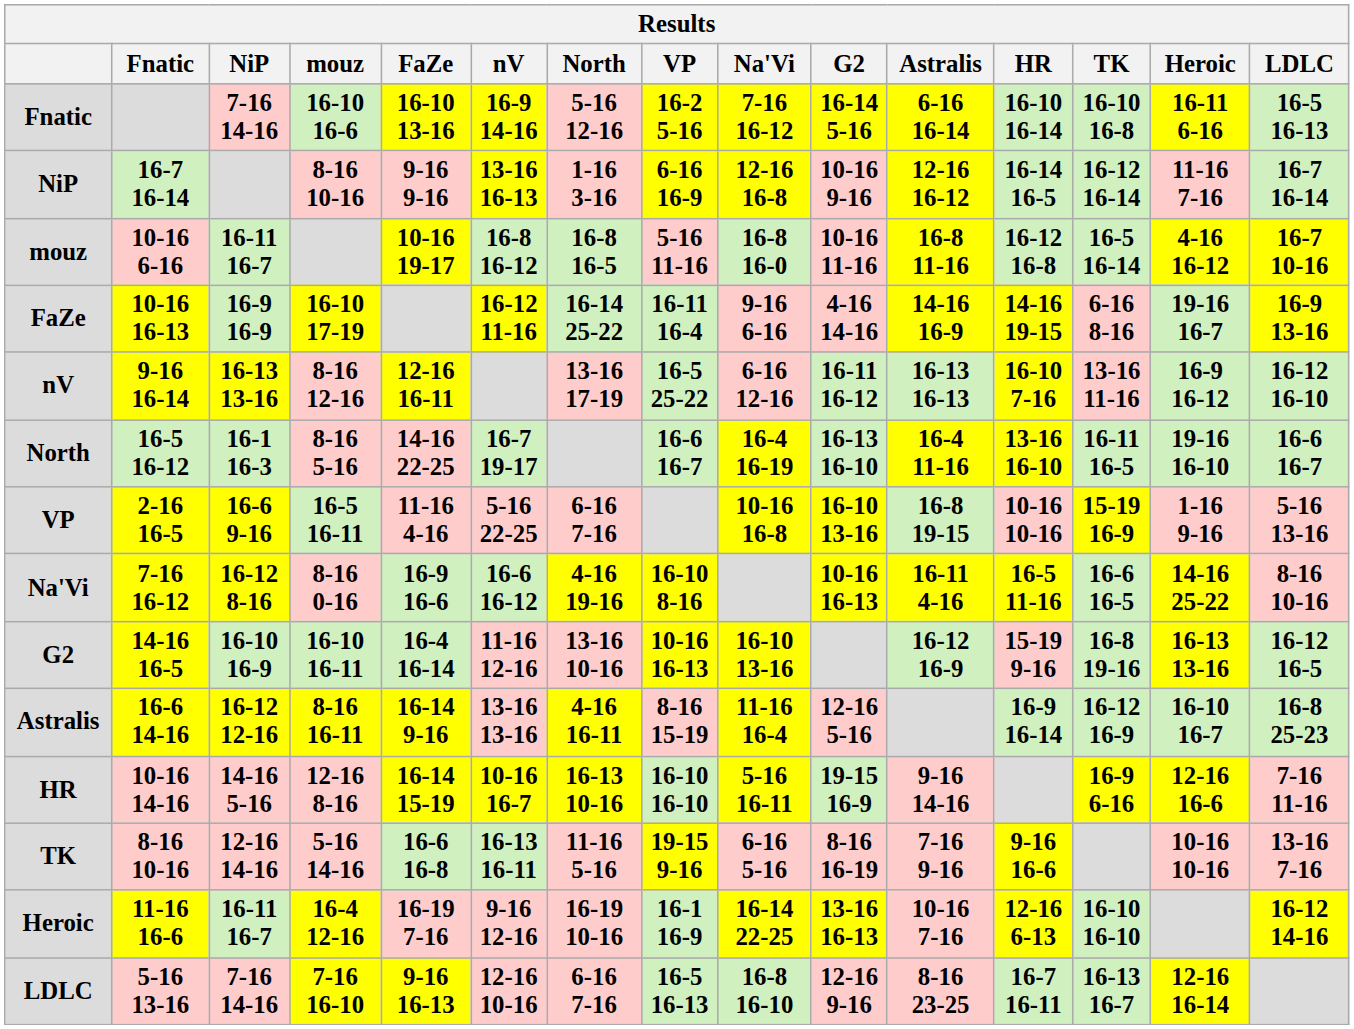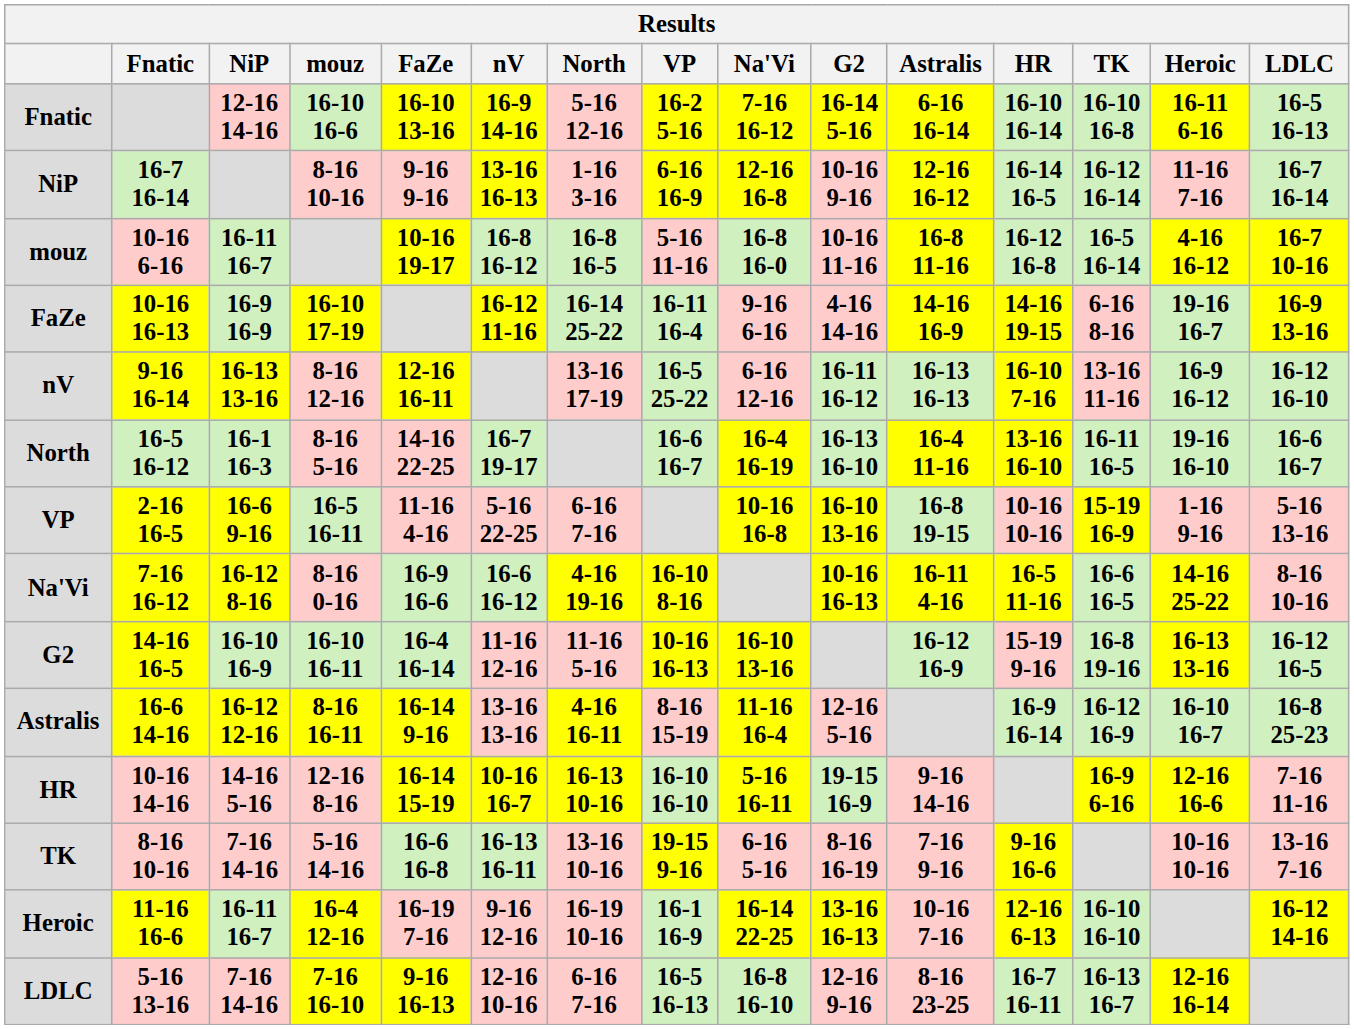 <table class="wikitable" style="text-align: center;">
 <tr>
 <th colspan=15>Results</th>
 </tr>
 <tr>
 <th width="75px"></th>
 <th width="75px">Fnatic</th>
 <th width="75px">NiP</th>
 <th width="75px">mouz</th>
 <th width="75px">FaZe</th>
 <th width="75px">nV</th>
 <th width="75px">North</th>
 <th width="75px">VP</th>
 <th width="75px">Na'Vi</th>
 <th width="75px">G2</th>
 <th width="75px">Astralis</th>
 <th width="75px">HR</th>
 <th width="75px">TK</th>
 <th width="75px">Heroic</th>
 <th width="75px">LDLC</th>
 </tr>
 <tr>
 <td style="background: #DCDCDC;"><strong>Fnatic</strong></td>
 <td style="background: #DCDCDC;"></td>
-<td style="background: #FFCCCC;"><strong>7-16<br>14-16</strong></td>
+<td style="background: #FFCCCC;"><strong>12-16<br>14-16</strong></td>
 <td style="background: #D0F0C0;"><strong>16-10<br>16-6</strong></td>
 <td style="background: #FFFF00;"><strong>16-10<br>13-16</strong></td>
 <td style="background: #FFFF00;"><strong>16-9<br>14-16</strong></td>
 <td style="background: #FFCCCC;"><strong>5-16<br>12-16</strong></td>
 <td style="background: #FFFF00;"><strong>16-2<br>5-16</strong></td>
 <td style="background: #FFFF00;"><strong>7-16<br>16-12</strong></td>
 <td style="background: #FFFF00;"><strong>16-14<br>5-16</strong></td>
 <td style="background: #FFFF00;"><strong>6-16<br>16-14</strong></td>
 <td style="background: #D0F0C0;"><strong>16-10<br>16-14</strong></td>
 <td style="background: #D0F0C0;"><strong>16-10<br>16-8</strong></td>
 <td style="background: #FFFF00;"><strong>16-11<br>6-16</strong></td>
 <td style="background: #D0F0C0;"><strong>16-5<br>16-13</strong></td>
 </tr>
 <tr>
 <td style="background: #DCDCDC;"><strong>NiP</strong></td>
 <td style="background: #D0F0C0;"><strong>16-7<br>16-14</strong></td>
 <td style="background: #DCDCDC;"></td>
 <td style="background: #FFCCCC;"><strong>8-16<br>10-16</strong></td>
 <td style="background: #FFCCCC;"><strong>9-16<br>9-16</strong></td>
 <td style="background: #FFFF00;"><strong>13-16<br>16-13</strong></td>
 <td style="background: #FFCCCC;"><strong>1-16<br>3-16</strong></td>
 <td style="background: #FFFF00;"><strong>6-16<br>16-9</strong></td>
 <td style="background: #FFFF00;"><strong>12-16<br>16-8</strong></td>
 <td style="background: #FFCCCC;"><strong>10-16<br>9-16</strong></td>
 <td style="background: #FFFF00;"><strong>12-16<br>16-12</strong></td>
 <td style="background: #D0F0C0;"><strong>16-14<br>16-5</strong></td>
 <td style="background: #D0F0C0;"><strong>16-12<br>16-14</strong></td>
 <td style="background: #FFCCCC;"><strong>11-16<br>7-16</strong></td>
 <td style="background: #D0F0C0;"><strong>16-7<br>16-14</strong></td>
 </tr>
 <tr>
 <td style="background: #DCDCDC;"><strong>mouz</strong></td>
 <td style="background: #FFCCCC;"><strong>10-16<br>6-16</strong></td>
 <td style="background: #D0F0C0;"><strong>16-11<br>16-7</strong></td>
 <td style="background: #DCDCDC;"></td>
 <td style="background: #FFFF00;"><strong>10-16<br>19-17</strong></td>
 <td style="background: #D0F0C0;"><strong>16-8<br>16-12</strong></td>
 <td style="background: #D0F0C0;"><strong>16-8<br>16-5</strong></td>
 <td style="background: #FFCCCC;"><strong>5-16<br>11-16</strong></td>
 <td style="background: #D0F0C0;"><strong>16-8<br>16-0</strong></td>
 <td style="background: #FFCCCC;"><strong>10-16<br>11-16</strong></td>
 <td style="background: #FFFF00;"><strong>16-8<br>11-16</strong></td>
 <td style="background: #D0F0C0;"><strong>16-12<br>16-8</strong></td>
 <td style="background: #D0F0C0;"><strong>16-5<br>16-14</strong></td>
 <td style="background: #FFFF00;"><strong>4-16<br>16-12</strong></td>
 <td style="background: #FFFF00;"><strong>16-7<br>10-16</strong></td>
 </tr>
 <tr>
 <td style="background: #DCDCDC;"><strong>FaZe</strong></td>
 <td style="background: #FFFF00;"><strong>10-16<br>16-13</strong></td>
 <td style="background: #D0F0C0;"><strong>16-9<br>16-9</strong></td>
 <td style="background: #FFFF00;"><strong>16-10<br>17-19</strong></td>
 <td style="background: #DCDCDC;"></td>
 <td style="background: #FFFF00;"><strong>16-12<br>11-16</strong></td>
 <td style="background: #D0F0C0;"><strong>16-14<br>25-22</strong></td>
 <td style="background: #D0F0C0;"><strong>16-11<br>16-4</strong></td>
 <td style="background: #FFCCCC;"><strong>9-16<br>6-16</strong></td>
 <td style="background: #FFCCCC;"><strong>4-16<br>14-16</strong></td>
 <td style="background: #FFFF00;"><strong>14-16<br>16-9</strong></td>
 <td style="background: #FFFF00;"><strong>14-16<br>19-15</strong></td>
 <td style="background: #FFCCCC;"><strong>6-16<br>8-16</strong></td>
 <td style="background: #D0F0C0;"><strong>19-16<br>16-7</strong></td>
 <td style="background: #FFFF00;"><strong>16-9<br>13-16</strong></td>
 </tr>
 <tr>
 <td style="background: #DCDCDC;"><strong>nV</strong></td>
 <td style="background: #FFFF00;"><strong>9-16<br>16-14</strong></td>
 <td style="background: #FFFF00;"><strong>16-13<br>13-16</strong></td>
 <td style="background: #FFCCCC;"><strong>8-16<br>12-16</strong></td>
 <td style="background: #FFFF00;"><strong>12-16<br>16-11</strong></td>
 <td style="background: #DCDCDC;"></td>
 <td style="background: #FFCCCC;"><strong>13-16<br>17-19</strong></td>
 <td style="background: #D0F0C0;"><strong>16-5<br>25-22</strong></td>
 <td style="background: #FFCCCC;"><strong>6-16<br>12-16</strong></td>
 <td style="background: #D0F0C0;"><strong>16-11<br>16-12</strong></td>
 <td style="background: #D0F0C0;"><strong>16-13<br>16-13</strong></td>
 <td style="background: #FFFF00;"><strong>16-10<br>7-16</strong></td>
 <td style="background: #FFCCCC;"><strong>13-16<br>11-16</strong></td>
 <td style="background: #D0F0C0;"><strong>16-9<br>16-12</strong></td>
 <td style="background: #D0F0C0;"><strong>16-12<br>16-10</strong></td>
 </tr>
 <tr>
 <td style="background: #DCDCDC;"><strong>North</strong></td>
 <td style="background: #D0F0C0;"><strong>16-5<br>16-12</strong></td>
 <td style="background: #D0F0C0;"><strong>16-1<br>16-3</strong></td>
 <td style="background: #FFCCCC;"><strong>8-16<br>5-16</strong></td>
 <td style="background: #FFCCCC;"><strong>14-16<br>22-25</strong></td>
 <td style="background: #D0F0C0;"><strong>16-7<br>19-17</strong></td>
 <td style="background: #DCDCDC;"></td>
 <td style="background: #D0F0C0;"><strong>16-6<br>16-7</strong></td>
 <td style="background: #FFFF00;"><strong>16-4<br>16-19</strong></td>
 <td style="background: #D0F0C0;"><strong>16-13<br>16-10</strong></td>
 <td style="background: #FFFF00;"><strong>16-4<br>11-16</strong></td>
 <td style="background: #FFFF00;"><strong>13-16<br>16-10</strong></td>
 <td style="background: #D0F0C0;"><strong>16-11<br>16-5</strong></td>
 <td style="background: #D0F0C0;"><strong>19-16<br>16-10</strong></td>
 <td style="background: #D0F0C0;"><strong>16-6<br>16-7</strong></td>
 </tr>
 <tr>
 <td style="background: #DCDCDC;"><strong>VP</strong></td>
 <td style="background: #FFFF00;"><strong>2-16<br>16-5</strong></td>
 <td style="background: #FFFF00;"><strong>16-6<br>9-16</strong></td>
 <td style="background: #D0F0C0;"><strong>16-5<br>16-11</strong></td>
 <td style="background: #FFCCCC;"><strong>11-16<br>4-16</strong></td>
 <td style="background: #FFCCCC;"><strong>5-16<br>22-25</strong></td>
 <td style="background: #FFCCCC;"><strong>6-16<br>7-16</strong></td>
 <td style="background: #DCDCDC;"></td>
 <td style="background: #FFFF00;"><strong>10-16<br>16-8</strong></td>
 <td style="background: #FFFF00;"><strong>16-10<br>13-16</strong></td>
 <td style="background: #D0F0C0;"><strong>16-8<br>19-15</strong></td>
 <td style="background: #FFCCCC;"><strong>10-16<br>10-16</strong></td>
 <td style="background: #FFFF00;"><strong>15-19<br>16-9</strong></td>
 <td style="background: #FFCCCC;"><strong>1-16<br>9-16</strong></td>
 <td style="background: #FFCCCC;"><strong>5-16<br>13-16</strong></td>
 </tr>
 <tr>
 <td style="background: #DCDCDC;"><strong>Na'Vi</strong></td>
 <td style="background: #FFFF00;"><strong>7-16<br>16-12</strong></td>
 <td style="background: #FFFF00;"><strong>16-12<br>8-16</strong></td>
 <td style="background: #FFCCCC;"><strong>8-16<br>0-16</strong></td>
 <td style="background: #D0F0C0;"><strong>16-9<br>16-6</strong></td>
 <td style="background: #D0F0C0;"><strong>16-6<br>16-12</strong></td>
 <td style="background: #FFFF00;"><strong>4-16<br>19-16</strong></td>
 <td style="background: #FFFF00;"><strong>16-10<br>8-16</strong></td>
 <td style="background: #DCDCDC;"></td>
 <td style="background: #FFFF00;"><strong>10-16<br>16-13</strong></td>
 <td style="background: #FFFF00;"><strong>16-11<br>4-16</strong></td>
 <td style="background: #FFFF00;"><strong>16-5<br>11-16</strong></td>
 <td style="background: #D0F0C0;"><strong>16-6<br>16-5</strong></td>
 <td style="background: #FFFF00;"><strong>14-16<br>25-22</strong></td>
 <td style="background: #FFCCCC;"><strong>8-16<br>10-16</strong></td>
 </tr>
 <tr>
 <td style="background: #DCDCDC;"><strong>G2</strong></td>
 <td style="background: #FFFF00;"><strong>14-16<br>16-5</strong></td>
 <td style="background: #D0F0C0;"><strong>16-10<br>16-9</strong></td>
 <td style="background: #D0F0C0;"><strong>16-10<br>16-11</strong></td>
 <td style="background: #D0F0C0;"><strong>16-4<br>16-14</strong></td>
 <td style="background: #FFCCCC;"><strong>11-16<br>12-16</strong></td>
-<td style="background: #FFCCCC;"><strong>13-16<br>10-16</strong></td>
+<td style="background: #FFCCCC;"><strong>11-16<br>5-16</strong></td>
 <td style="background: #FFFF00;"><strong>10-16<br>16-13</strong></td>
 <td style="background: #FFFF00;"><strong>16-10<br>13-16</strong></td>
 <td style="background: #DCDCDC;"></td>
 <td style="background: #D0F0C0;"><strong>16-12<br>16-9</strong></td>
 <td style="background: #FFCCCC;"><strong>15-19<br>9-16</strong></td>
 <td style="background: #D0F0C0;"><strong>16-8<br>19-16</strong></td>
 <td style="background: #FFFF00;"><strong>16-13<br>13-16</strong></td>
 <td style="background: #D0F0C0;"><strong>16-12<br>16-5</strong></td>
 </tr>
 <tr>
 <td style="background: #DCDCDC;"><strong>Astralis</strong></td>
 <td style="background: #FFFF00;"><strong>16-6<br>14-16</strong></td>
 <td style="background: #FFFF00;"><strong>16-12<br>12-16</strong></td>
 <td style="background: #FFFF00;"><strong>8-16<br>16-11</strong></td>
 <td style="background: #FFFF00;"><strong>16-14<br>9-16</strong></td>
 <td style="background: #FFCCCC;"><strong>13-16<br>13-16</strong></td>
 <td style="background: #FFFF00;"><strong>4-16<br>16-11</strong></td>
 <td style="background: #FFCCCC;"><strong>8-16<br>15-19</strong></td>
 <td style="background: #FFFF00;"><strong>11-16<br>16-4</strong></td>
 <td style="background: #FFCCCC;"><strong>12-16<br>5-16</strong></td>
 <td style="background: #DCDCDC;"></td>
 <td style="background: #D0F0C0;"><strong>16-9<br>16-14</strong></td>
 <td style="background: #D0F0C0;"><strong>16-12<br>16-9</strong></td>
 <td style="background: #D0F0C0;"><strong>16-10<br>16-7</strong></td>
 <td style="background: #D0F0C0;"><strong>16-8<br>25-23</strong></td>
 </tr>
 <tr>
 <td style="background: #DCDCDC;"><strong>HR</strong></td>
 <td style="background: #FFCCCC;"><strong>10-16<br>14-16</strong></td>
 <td style="background: #FFCCCC;"><strong>14-16<br>5-16</strong></td>
 <td style="background: #FFCCCC;"><strong>12-16<br>8-16</strong></td>
 <td style="background: #FFFF00;"><strong>16-14<br>15-19</strong></td>
 <td style="background: #FFFF00;"><strong>10-16<br>16-7</strong></td>
 <td style="background: #FFFF00;"><strong>16-13<br>10-16</strong></td>
 <td style="background: #D0F0C0;"><strong>16-10<br>16-10</strong></td>
 <td style="background: #FFFF00;"><strong>5-16<br>16-11</strong></td>
 <td style="background: #D0F0C0;"><strong>19-15<br>16-9</strong></td>
 <td style="background: #FFCCCC;"><strong>9-16<br>14-16</strong></td>
 <td style="background: #DCDCDC;"></td>
 <td style="background: #FFFF00;"><strong>16-9<br>6-16</strong></td>
 <td style="background: #FFFF00;"><strong>12-16<br>16-6</strong></td>
 <td style="background: #FFCCCC;"><strong>7-16<br>11-16</strong></td>
 </tr>
 <tr>
 <td style="background: #DCDCDC;"><strong>TK</strong></td>
 <td style="background: #FFCCCC;"><strong>8-16<br>10-16</strong></td>
-<td style="background: #FFCCCC;"><strong>12-16<br>14-16</strong></td>
+<td style="background: #FFCCCC;"><strong>7-16<br>14-16</strong></td>
 <td style="background: #FFCCCC;"><strong>5-16<br>14-16</strong></td>
 <td style="background: #D0F0C0;"><strong>16-6<br>16-8</strong></td>
 <td style="background: #D0F0C0;"><strong>16-13<br>16-11</strong></td>
-<td style="background: #FFCCCC;"><strong>11-16<br>5-16</strong></td>
+<td style="background: #FFCCCC;"><strong>13-16<br>10-16</strong></td>
 <td style="background: #FFFF00;"><strong>19-15<br>9-16</strong></td>
 <td style="background: #FFCCCC;"><strong>6-16<br>5-16</strong></td>
 <td style="background: #FFCCCC;"><strong>8-16<br>16-19</strong></td>
 <td style="background: #FFCCCC;"><strong>7-16<br>9-16</strong></td>
 <td style="background: #FFFF00;"><strong>9-16<br>16-6</strong></td>
 <td style="background: #DCDCDC;"></td>
 <td style="background: #FFCCCC;"><strong>10-16<br>10-16</strong></td>
 <td style="background: #FFCCCC;"><strong>13-16<br>7-16</strong></td>
 </tr>
 <tr>
 <td style="background: #DCDCDC;"><strong>Heroic</strong></td>
 <td style="background: #FFFF00;"><strong>11-16<br>16-6</strong></td>
 <td style="background: #D0F0C0;"><strong>16-11<br>16-7</strong></td>
 <td style="background: #FFFF00;"><strong>16-4<br>12-16</strong></td>
 <td style="background: #FFCCCC;"><strong>16-19<br>7-16</strong></td>
 <td style="background: #FFCCCC;"><strong>9-16<br>12-16</strong></td>
 <td style="background: #FFCCCC;"><strong>16-19<br>10-16</strong></td>
 <td style="background: #D0F0C0;"><strong>16-1<br>16-9</strong></td>
 <td style="background: #FFFF00;"><strong>16-14<br>22-25</strong></td>
 <td style="background: #FFFF00;"><strong>13-16<br>16-13</strong></td>
 <td style="background: #FFCCCC;"><strong>10-16<br>7-16</strong></td>
 <td style="background: #FFFF00;"><strong>12-16<br>6-13</strong></td>
 <td style="background: #D0F0C0;"><strong>16-10<br>16-10</strong></td>
 <td style="background: #DCDCDC;"></td>
 <td style="background: #FFFF00;"><strong>16-12<br>14-16</strong></td>
 </tr>
 <tr>
 <td style="background: #DCDCDC;"><strong>LDLC</strong></td>
 <td style="background: #FFCCCC;"><strong>5-16<br>13-16</strong></td>
 <td style="background: #FFCCCC;"><strong>7-16<br>14-16</strong></td>
 <td style="background: #FFFF00;"><strong>7-16<br>16-10</strong></td>
 <td style="background: #FFFF00;"><strong>9-16<br>16-13</strong></td>
 <td style="background: #FFCCCC;"><strong>12-16<br>10-16</strong></td>
 <td style="background: #FFCCCC;"><strong>6-16<br>7-16</strong></td>
 <td style="background: #D0F0C0;"><strong>16-5<br>16-13</strong></td>
 <td style="background: #D0F0C0;"><strong>16-8<br>16-10</strong></td>
 <td style="background: #FFCCCC;"><strong>12-16<br>9-16</strong></td>
 <td style="background: #FFCCCC;"><strong>8-16<br>23-25</strong></td>
 <td style="background: #D0F0C0;"><strong>16-7<br>16-11</strong></td>
 <td style="background: #D0F0C0;"><strong>16-13<br>16-7</strong></td>
 <td style="background: #FFFF00;"><strong>12-16<br>16-14</strong></td>
 <td style="background: #DCDCDC;"></td>
 </tr>
 </table>
